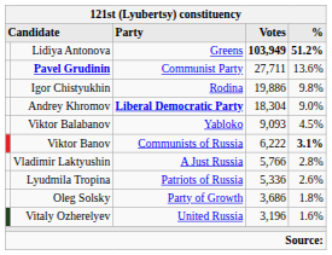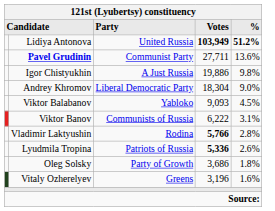 <table class=wikitable style=text-align:right>
 <tr>
 <th colspan=7>121st (Lyubertsy) constituency</th>
 </tr>
 <tr>
 <th colspan=2 style="background-color:#E9E9E9;text-align:left;vertical-align:top;">Candidate</th>
 <th style="background-color:#E9E9E9;text-align:left;vertical-align:top;">Party</th>
 <th style="background-color:#E9E9E9;text-align:right;">Votes</th>
 <th style="background-color:#E9E9E9;text-align:right;">%</th>
 </tr>
 <tr>
 <td style="background-color: "></td>
 <td>Lidiya Antonova</td>
-<td><a href='#'>Greens</a></td>
+<td><a href='#'>United Russia</a></td>
 <td><strong>103,949</strong></td>
 <td><strong>51.2%</strong></td>
 </tr>
 <tr>
 <td style="background-color: "></td>
 <td><strong><a href='#'>Pavel Grudinin</a></strong></td>
 <td><a href='#'>Communist Party</a></td>
 <td>27,711</td>
 <td>13.6%</td>
 </tr>
 <tr>
 <td style="background-color: "></td>
 <td>Igor Chistyukhin</td>
-<td><a href='#'>Rodina</a></td>
+<td><a href='#'>A Just Russia</a></td>
 <td>19,886</td>
 <td>9.8%</td>
 </tr>
 <tr>
 <td style="background-color: "></td>
 <td>Andrey Khromov</td>
-<td><strong><a href='#'>Liberal Democratic Party</a></strong></td>
+<td><a href='#'>Liberal Democratic Party</a></td>
 <td>18,304</td>
 <td>9.0%</td>
 </tr>
 <tr>
 <td style="background-color: "></td>
 <td>Viktor Balabanov</td>
 <td><a href='#'>Yabloko</a></td>
 <td>9,093</td>
 <td>4.5%</td>
 </tr>
 <tr>
 <td style="background: #E62020;"></td>
 <td>Viktor Banov</td>
 <td><a href='#'>Communists of Russia</a></td>
 <td>6,222</td>
-<td><strong>3.1%</strong></td>
+<td>3.1%</td>
 </tr>
 <tr>
 <td style="background-color: "></td>
 <td>Vladimir Laktyushin</td>
-<td><a href='#'>A Just Russia</a></td>
-<td>5,766</td>
+<td><a href='#'>Rodina</a></td>
+<td><strong>5,766</strong></td>
 <td>2.8%</td>
 </tr>
 <tr>
 <td style="background-color: "></td>
 <td>Lyudmila Tropina</td>
 <td><a href='#'>Patriots of Russia</a></td>
-<td>5,336</td>
+<td><strong>5,336</strong></td>
 <td>2.6%</td>
 </tr>
 <tr>
 <td style="background-color: "></td>
 <td>Oleg Solsky</td>
 <td><a href='#'>Party of Growth</a></td>
 <td>3,686</td>
 <td>1.8%</td>
 </tr>
 <tr>
 <td style="background: #21421E;"></td>
 <td>Vitaly Ozherelyev</td>
-<td><a href='#'>United Russia</a></td>
+<td><a href='#'>Greens</a></td>
 <td>3,196</td>
 <td>1.6%</td>
 </tr>
 <tr>
 <td colspan="5" style="background-color:#E9E9E9;"></td>
 </tr>
 <tr style="font-weight:bold">
 <td colspan="5">Source:</td>
 </tr>
 </table>
